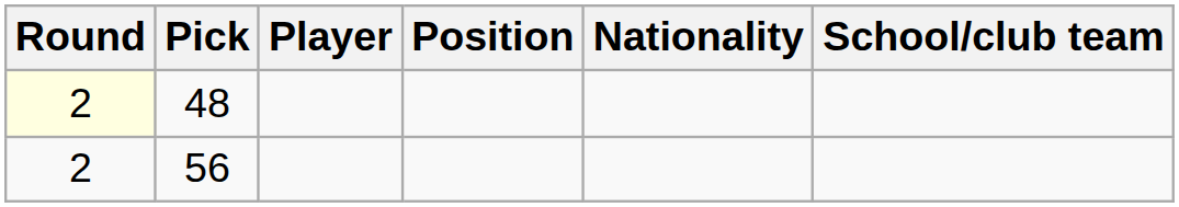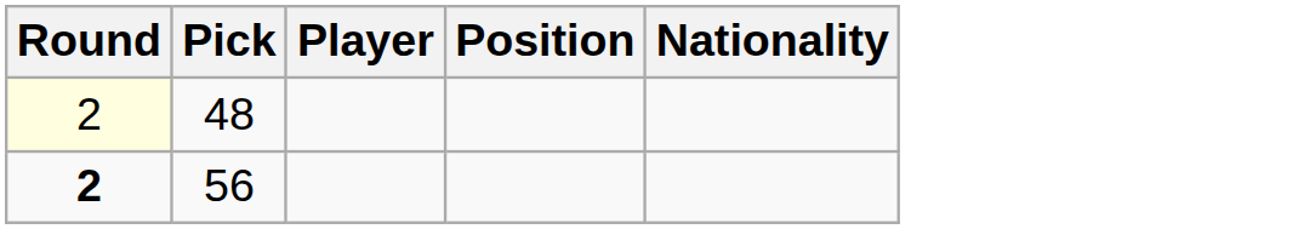 <table class="wikitable sortable sortable" style="text-align: center">
 <tr>
 <th>Round</th>
 <th>Pick</th>
 <th>Player</th>
 <th>Position</th>
 <th>Nationality</th>
-<th>School/club team</th>
 </tr>
 <tr style="text-align: center">
 <td style="background: lightyellow;">2</td>
 <td>48</td>
 <td></td>
 <td></td>
 <td></td>
-<td></td>
 </tr>
 <tr style="text-align: center">
-<td>2</td>
+<td><strong>2</strong></td>
 <td>56</td>
-<td></td>
 <td></td>
 <td></td>
 <td></td>
 </tr>
 </table>
